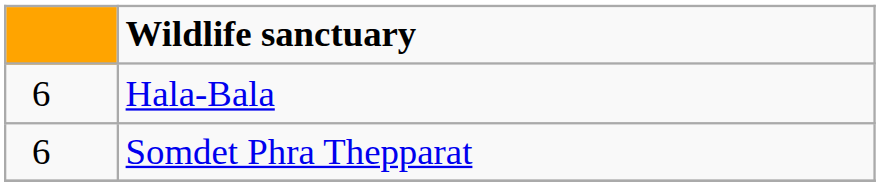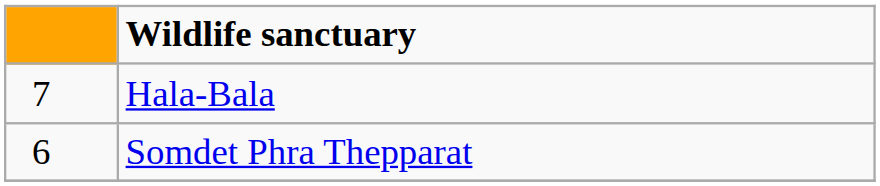 <table class= "wikitable" style= "width:30%; display:inline-table;">
 <tr>
 <td style="width=3%; background:#FFA400;"> </td>
 <td style="width=27%;"><strong>Wildlife sanctuary</strong></td>
 </tr>
 <tr>
-<td>  6</td>
+<td>  7</td>
 <td><a href='#'>Hala-Bala</a></td>
 </tr>
 <tr>
 <td>  6</td>
 <td><a href='#'>Somdet Phra Thepparat</a></td>
 </tr>
 <tr>
 </tr>
 </table>
